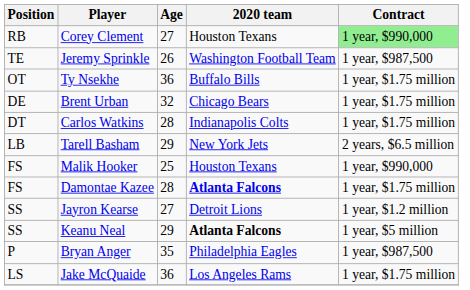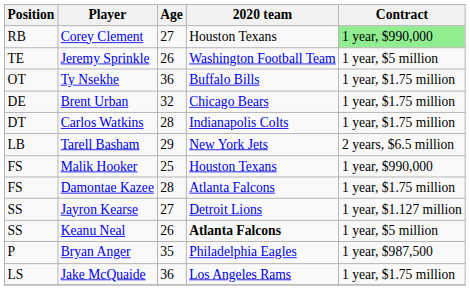 <table class="wikitable">
 <tr>
 <th>Position</th>
 <th>Player</th>
 <th>Age</th>
 <th>2020 team</th>
 <th>Contract</th>
 </tr>
 <tr>
 <td>RB</td>
 <td><a href='#'>Corey Clement</a></td>
 <td>27</td>
 <td>Houston Texans</td>
 <td style="background: lightgreen;">1 year, $990,000</td>
 </tr>
 <tr>
 <td>TE</td>
 <td><a href='#'>Jeremy Sprinkle</a></td>
 <td>26</td>
 <td><a href='#'>Washington Football Team</a></td>
-<td>1 year, $987,500</td>
+<td>1 year, $5 million</td>
 </tr>
 <tr>
 <td>OT</td>
 <td><a href='#'>Ty Nsekhe</a></td>
 <td>36</td>
 <td><a href='#'>Buffalo Bills</a></td>
 <td>1 year, $1.75 million</td>
 </tr>
 <tr>
 <td>DE</td>
 <td><a href='#'>Brent Urban</a></td>
 <td>32</td>
 <td><a href='#'>Chicago Bears</a></td>
 <td>1 year, $1.75 million</td>
 </tr>
 <tr>
 <td>DT</td>
 <td><a href='#'>Carlos Watkins</a></td>
 <td>28</td>
 <td><a href='#'>Indianapolis Colts</a></td>
 <td>1 year, $1.75 million</td>
 </tr>
 <tr>
 <td>LB</td>
 <td><a href='#'>Tarell Basham</a></td>
 <td>29</td>
 <td><a href='#'>New York Jets</a></td>
 <td>2 years, $6.5 million</td>
 </tr>
 <tr>
 <td>FS</td>
 <td><a href='#'>Malik Hooker</a></td>
 <td>25</td>
 <td><a href='#'>Houston Texans</a></td>
 <td>1 year, $990,000</td>
 </tr>
 <tr>
 <td>FS</td>
 <td><a href='#'>Damontae Kazee</a></td>
 <td>28</td>
-<td><strong><a href='#'>Atlanta Falcons</a></strong></td>
+<td><a href='#'>Atlanta Falcons</a></td>
 <td>1 year, $1.75 million</td>
 </tr>
 <tr>
 <td>SS</td>
 <td><a href='#'>Jayron Kearse</a></td>
 <td>27</td>
 <td><a href='#'>Detroit Lions</a></td>
-<td>1 year, $1.2 million</td>
+<td>1 year, $1.127 million</td>
 </tr>
 <tr>
 <td>SS</td>
 <td><a href='#'>Keanu Neal</a></td>
-<td>29</td>
+<td>26</td>
 <td><strong>Atlanta Falcons</strong></td>
 <td>1 year, $5 million</td>
 </tr>
 <tr>
 <td>P</td>
 <td><a href='#'>Bryan Anger</a></td>
 <td>35</td>
 <td><a href='#'>Philadelphia Eagles</a></td>
 <td>1 year, $987,500</td>
 </tr>
 <tr>
 <td>LS</td>
 <td><a href='#'>Jake McQuaide</a></td>
 <td>36</td>
 <td><a href='#'>Los Angeles Rams</a></td>
 <td>1 year, $1.75 million</td>
 </tr>
 <tr>
 </tr>
 </table>
